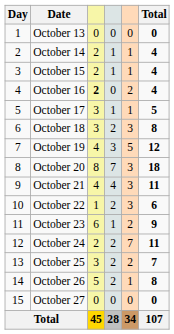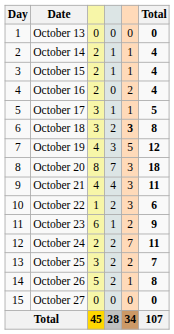 <table class=wikitable style="font-size:85%; float:right; text-align:center">
 <tr>
 <th>Day</th>
 <th>Date</th>
 <td bgcolor=F7F6A8></td>
 <td bgcolor=DCE5E5></td>
 <td bgcolor=FFDAB9></td>
 <th>Total</th>
 </tr>
 <tr>
 <td>1</td>
 <td>October 13</td>
 <td bgcolor=F7F6A8>0</td>
 <td bgcolor=DCE5E5>0</td>
 <td bgcolor=FFDAB9>0</td>
 <td><strong>0</strong></td>
 </tr>
 <tr>
 <td>2</td>
 <td>October 14</td>
 <td bgcolor=F7F6A8>2</td>
 <td bgcolor=DCE5E5>1</td>
 <td bgcolor=FFDAB9>1</td>
 <td><strong>4</strong></td>
 </tr>
 <tr>
 <td>3</td>
 <td>October 15</td>
 <td bgcolor=F7F6A8>2</td>
 <td bgcolor=DCE5E5>1</td>
 <td bgcolor=FFDAB9>1</td>
 <td><strong>4</strong></td>
 </tr>
 <tr>
 <td>4</td>
 <td>October 16</td>
-<td bgcolor=F7F6A8><strong>2</strong></td>
+<td bgcolor=F7F6A8>2</td>
 <td bgcolor=DCE5E5>0</td>
 <td bgcolor=FFDAB9>2</td>
 <td><strong>4</strong></td>
 </tr>
 <tr>
 <td>5</td>
 <td>October 17</td>
 <td bgcolor=F7F6A8>3</td>
 <td bgcolor=DCE5E5>1</td>
 <td bgcolor=FFDAB9>1</td>
 <td><strong>5</strong></td>
 </tr>
 <tr>
 <td>6</td>
 <td>October 18</td>
 <td bgcolor=F7F6A8>3</td>
 <td bgcolor=DCE5E5>2</td>
-<td bgcolor=FFDAB9>3</td>
+<td bgcolor=FFDAB9><strong>3</strong></td>
 <td><strong>8</strong></td>
 </tr>
 <tr>
 <td>7</td>
 <td>October 19</td>
 <td bgcolor=F7F6A8>4</td>
 <td bgcolor=DCE5E5>3</td>
 <td bgcolor=FFDAB9>5</td>
 <td><strong>12</strong></td>
 </tr>
 <tr>
 <td>8</td>
 <td>October 20</td>
 <td bgcolor=F7F6A8>8</td>
 <td bgcolor=DCE5E5>7</td>
 <td bgcolor=FFDAB9>3</td>
 <td><strong>18</strong></td>
 </tr>
 <tr>
 <td>9</td>
 <td>October 21</td>
 <td bgcolor=F7F6A8>4</td>
 <td bgcolor=DCE5E5>4</td>
 <td bgcolor=FFDAB9>3</td>
 <td><strong>11</strong></td>
 </tr>
 <tr>
 <td>10</td>
 <td>October 22</td>
 <td bgcolor=F7F6A8>1</td>
 <td bgcolor=DCE5E5>2</td>
 <td bgcolor=FFDAB9>3</td>
 <td><strong>6</strong></td>
 </tr>
 <tr>
 <td>11</td>
 <td>October 23</td>
 <td bgcolor=F7F6A8>6</td>
 <td bgcolor=DCE5E5>1</td>
 <td bgcolor=FFDAB9>2</td>
 <td><strong>9</strong></td>
 </tr>
 <tr>
 <td>12</td>
 <td>October 24</td>
 <td bgcolor=F7F6A8>2</td>
 <td bgcolor=DCE5E5>2</td>
 <td bgcolor=FFDAB9>7</td>
 <td><strong>11</strong></td>
 </tr>
 <tr>
 <td>13</td>
 <td>October 25</td>
 <td bgcolor=F7F6A8>3</td>
 <td bgcolor=DCE5E5>2</td>
 <td bgcolor=FFDAB9>2</td>
 <td><strong>7</strong></td>
 </tr>
 <tr>
 <td>14</td>
 <td>October 26</td>
 <td bgcolor=F7F6A8>5</td>
 <td bgcolor=DCE5E5>2</td>
 <td bgcolor=FFDAB9>1</td>
 <td><strong>8</strong></td>
 </tr>
 <tr>
 <td>15</td>
 <td>October 27</td>
 <td bgcolor=F7F6A8>0</td>
 <td bgcolor=DCE5E5>0</td>
 <td bgcolor=FFDAB9>0</td>
 <td><strong>0</strong></td>
 </tr>
 <tr>
 <th colspan=2>Total</th>
 <th style=background:gold>45</th>
 <th style=background:silver>28</th>
 <th style=background:#c96>34</th>
 <th>107</th>
 </tr>
 </table>
